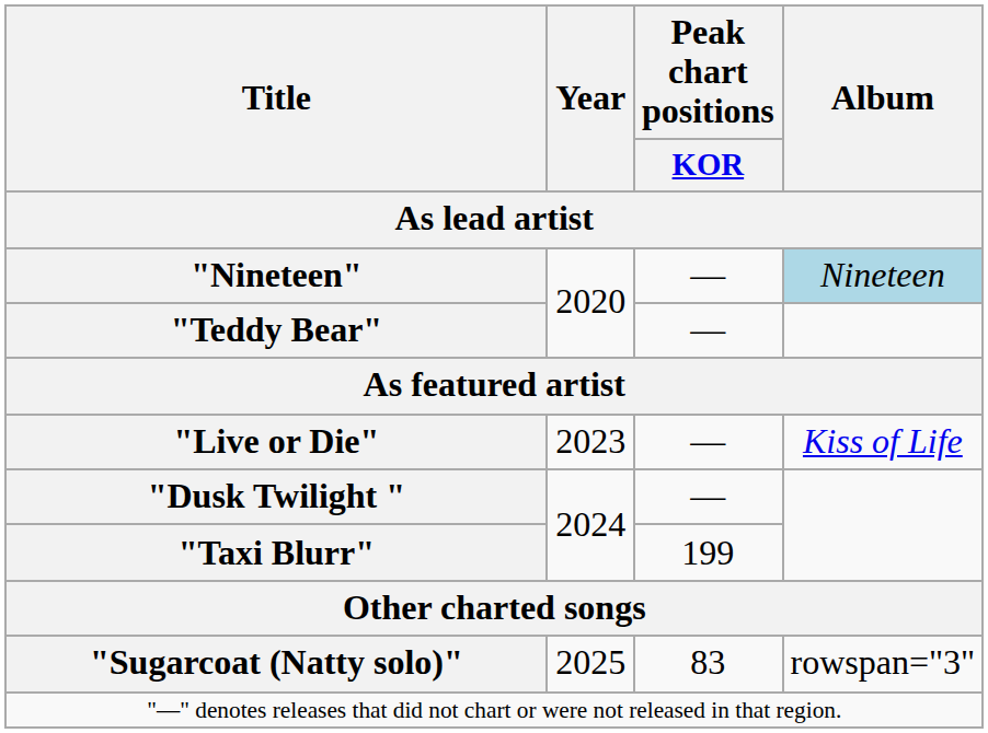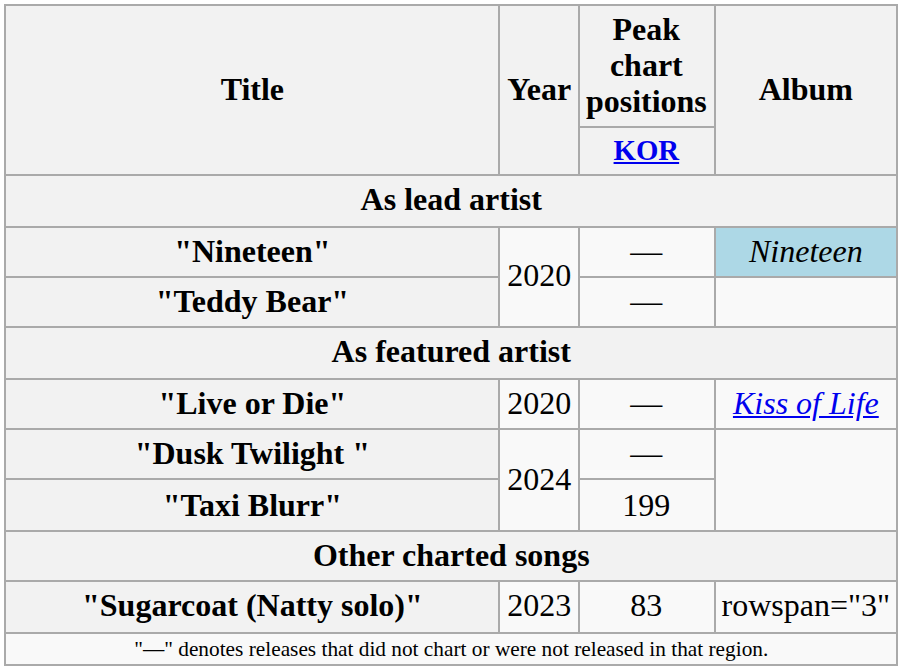 <table class="wikitable plainrowheaders" style="text-align:center;">
 <tr>
 <th rowspan="2" style="width:15em;">Title</th>
 <th rowspan="2">Year</th>
 <th colspan="1">Peak chart positions</th>
 <th rowspan="2">Album</th>
 </tr>
 <tr>
 <th style="width:3em;font-size:90%;"><a href='#'>KOR</a><br></th>
 </tr>
 <tr>
 <th colspan="4">As lead artist</th>
 </tr>
 <tr>
 <th scope=row>"Nineteen"</th>
 <td rowspan="2">2020</td>
 <td>—</td>
 <td style="background: lightblue;"><em>Nineteen</em></td>
 </tr>
 <tr>
 <th scope=row>"Teddy Bear"</th>
 <td>—</td>
 <td></td>
 </tr>
 <tr>
 <th colspan="4">As featured artist</th>
 </tr>
 <tr>
 <th scope=row>"Live or Die"<br></th>
-<td>2023</td>
+<td>2020</td>
 <td>—</td>
 <td><em><a href='#'>Kiss of Life</a></em></td>
 </tr>
 <tr>
 <th scope=row>"Dusk Twilight "<br></th>
 <td rowspan="2">2024</td>
 <td>—</td>
 </tr>
 <tr>
 <th scope=row>"Taxi Blurr"<br></th>
 <td>199</td>
 </tr>
 <tr>
 <th colspan="4">Other charted songs</th>
 </tr>
 <tr>
 <th scope="row">"Sugarcoat (Natty solo)"</th>
-<td>2025</td>
+<td>2023</td>
 <td>83</td>
 <td>rowspan="3" </td>
 </tr>
 <tr>
 <td colspan="4" style="font-size:8pt;">"—" denotes releases that did not chart or were not released in that region.</td>
 </tr>
 </table>
